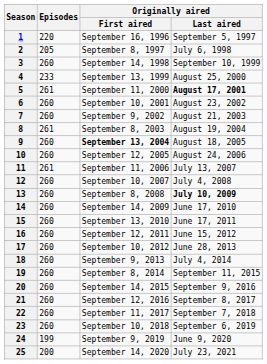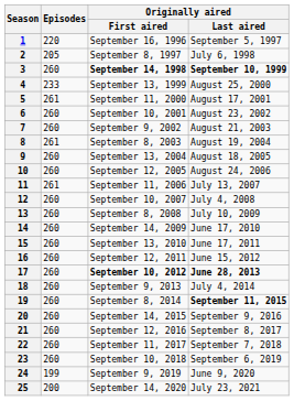 <table class="wikitable">
 <tr>
 <th colspan="1" rowspan="2">Season</th>
 <th rowspan="2">Episodes</th>
 <th colspan="2">Originally aired</th>
 </tr>
 <tr>
 <th>First aired</th>
 <th>Last aired</th>
 </tr>
 <tr>
 <th><a href='#'>1</a></th>
 <td>220</td>
 <td>September 16, 1996</td>
 <td>September 5, 1997</td>
 </tr>
 <tr>
 <th>2</th>
 <td>205</td>
 <td>September 8, 1997</td>
 <td>July 6, 1998</td>
 </tr>
 <tr>
 <th>3</th>
 <td>260</td>
-<td>September 14, 1998</td>
-<td>September 10, 1999</td>
+<td><strong>September 14, 1998</strong></td>
+<td><strong>September 10, 1999</strong></td>
 </tr>
 <tr>
 <th>4</th>
 <td>233</td>
 <td>September 13, 1999</td>
 <td>August 25, 2000</td>
 </tr>
 <tr>
 <th>5</th>
 <td>261</td>
 <td>September 11, 2000</td>
-<td><strong>August 17, 2001</strong></td>
+<td>August 17, 2001</td>
 </tr>
 <tr>
 <th colspan="1">6</th>
 <td>260</td>
 <td colspan="1">September 10, 2001</td>
 <td>August 23, 2002</td>
 </tr>
 <tr>
 <th colspan="1">7</th>
 <td>260</td>
 <td colspan="1">September 9, 2002</td>
 <td>August 21, 2003</td>
 </tr>
 <tr>
 <th colspan="1">8</th>
 <td>261</td>
 <td colspan="1">September 8, 2003</td>
 <td>August 19, 2004</td>
 </tr>
 <tr>
 <th colspan="1">9</th>
 <td>260</td>
-<td colspan="1"><strong>September 13, 2004</strong></td>
+<td colspan="1">September 13, 2004</td>
 <td>August 18, 2005</td>
 </tr>
 <tr>
 <th colspan="1">10</th>
 <td>260</td>
 <td colspan="1">September 12, 2005</td>
 <td>August 24, 2006</td>
 </tr>
 <tr>
 <th colspan="1">11</th>
 <td>261</td>
 <td colspan="1">September 11, 2006</td>
 <td>July 13, 2007</td>
 </tr>
 <tr>
 <th colspan="1">12</th>
 <td>260</td>
 <td colspan="1">September 10, 2007</td>
 <td>July 4, 2008</td>
 </tr>
 <tr>
 <th colspan="1">13</th>
 <td>260</td>
 <td colspan="1">September 8, 2008</td>
-<td><strong>July 10, 2009</strong></td>
+<td>July 10, 2009</td>
 </tr>
 <tr>
 <th colspan="1">14</th>
 <td>260</td>
 <td colspan="1">September 14, 2009</td>
 <td>June 17, 2010</td>
 </tr>
 <tr>
 <th colspan="1">15</th>
 <td>260</td>
 <td colspan="1">September 13, 2010</td>
 <td>June 17, 2011</td>
 </tr>
 <tr>
 <th colspan="1">16</th>
 <td>260</td>
 <td colspan="1">September 12, 2011</td>
 <td>June 15, 2012</td>
 </tr>
 <tr>
 <th colspan="1">17</th>
 <td>260</td>
-<td colspan="1">September 10, 2012</td>
-<td>June 28, 2013</td>
+<td colspan="1"><strong>September 10, 2012</strong></td>
+<td><strong>June 28, 2013</strong></td>
 </tr>
 <tr>
 <th colspan="1">18</th>
 <td>260</td>
 <td colspan="1">September 9, 2013</td>
 <td>July 4, 2014</td>
 </tr>
 <tr>
 <th colspan="1">19</th>
 <td>260</td>
 <td colspan="1">September 8, 2014</td>
-<td>September 11, 2015</td>
+<td><strong>September 11, 2015</strong></td>
 </tr>
 <tr>
 <th colspan="1">20</th>
 <td>260</td>
 <td colspan="1">September 14, 2015</td>
 <td>September 9, 2016</td>
 </tr>
 <tr>
 <th colspan="1">21</th>
 <td>260</td>
 <td colspan="1">September 12, 2016</td>
 <td>September 8, 2017</td>
 </tr>
 <tr>
 <th colspan="1">22</th>
 <td>260</td>
 <td colspan="1">September 11, 2017</td>
 <td>September 7, 2018</td>
 </tr>
 <tr>
 <th colspan="1">23</th>
 <td>260</td>
 <td colspan="1">September 10, 2018</td>
 <td>September 6, 2019</td>
 </tr>
 <tr>
 <th colspan="1">24</th>
 <td>199</td>
 <td colspan="1">September 9, 2019</td>
 <td>June 9, 2020</td>
 </tr>
 <tr>
 <th colspan="1">25</th>
 <td>200</td>
 <td colspan="1">September 14, 2020</td>
 <td>July 23, 2021</td>
 </tr>
 </table>
